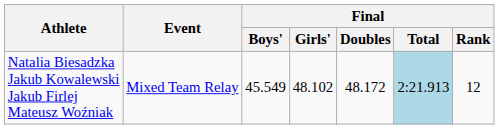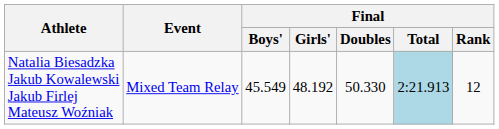 <table class="wikitable">
 <tr>
 <th rowspan="2">Athlete</th>
 <th rowspan="2">Event</th>
 <th colspan="5">Final</th>
 </tr>
 <tr>
 <th>Boys'</th>
 <th>Girls'</th>
 <th>Doubles</th>
 <th>Total</th>
 <th>Rank</th>
 </tr>
 <tr>
 <td><a href='#'>Natalia Biesadzka</a><br><a href='#'>Jakub Kowalewski</a><br><a href='#'>Jakub Firlej</a><br><a href='#'>Mateusz Woźniak</a></td>
 <td><a href='#'>Mixed Team Relay</a></td>
 <td align="center">45.549</td>
-<td align="center">48.102</td>
-<td align="center">48.172</td>
+<td align="center">48.192</td>
+<td align="center">50.330</td>
 <td align="center" style="background: lightblue;">2:21.913</td>
 <td align="center">12</td>
 </tr>
 </table>
